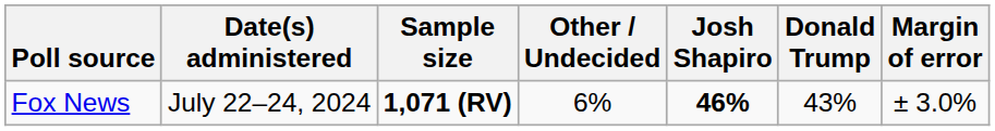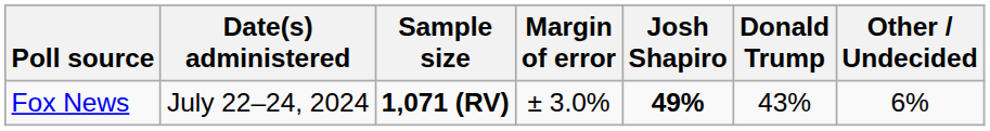 <table class="wikitable sortable mw-datatable" style="font-size:90%;text-align:center;line-height:17px">
 <tr valign=bottom>
 <th>Poll source</th>
 <th>Date(s)<br>administered</th>
 <th>Sample<br>size</th>
-<th class="unsortable">Other /<br>Undecided</th>
+<th>Margin<br>of error</th>
 <th class="unsortable">Josh<br>Shapiro<br></th>
 <th class="unsortable">Donald<br>Trump<br></th>
-<th>Margin<br>of error</th>
+<th class="unsortable">Other /<br>Undecided</th>
 </tr>
 <tr>
 <td style="text-align:left;"><a href='#'>Fox News</a></td>
 <td data-sort-value="2024-07-26">July 22–24, 2024</td>
 <td><strong>1,071 (RV)</strong></td>
+<td>± 3.0%</td>
+<td style="color:black;background-color:"><strong>49%</strong></td>
+<td>43%</td>
 <td>6%</td>
-<td style="color:black;background-color:"><strong>46%</strong></td>
-<td>43%</td>
-<td>± 3.0%</td>
 </tr>
 </table>
